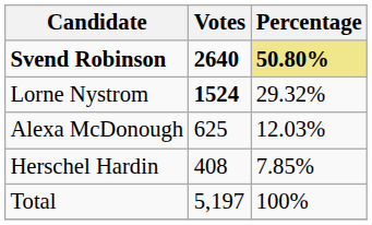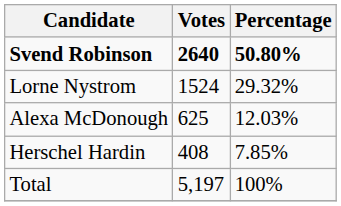 <table class="wikitable">
 <tr>
 <th>Candidate</th>
 <th>Votes</th>
 <th>Percentage</th>
 </tr>
 <tr>
 <td><strong>Svend Robinson</strong></td>
 <td><strong>2640</strong></td>
-<td style="background: khaki;"><strong>50.80%</strong></td>
+<td><strong>50.80%</strong></td>
 </tr>
 <tr>
 <td>Lorne Nystrom</td>
-<td><strong>1524</strong></td>
+<td>1524</td>
 <td>29.32%</td>
 </tr>
 <tr>
 <td>Alexa McDonough</td>
 <td>625</td>
 <td>12.03%</td>
 </tr>
 <tr>
 <td>Herschel Hardin</td>
 <td>408</td>
 <td>7.85%</td>
 </tr>
 <tr>
 <td>Total</td>
 <td>5,197</td>
 <td>100%</td>
 </tr>
 <tr>
 </tr>
 </table>
